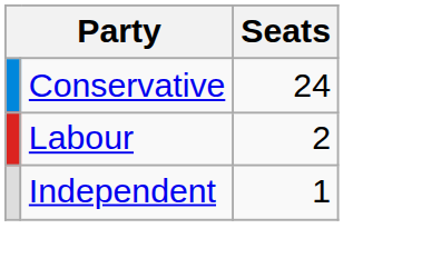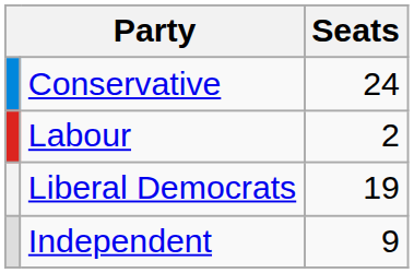 <table class="wikitable">
 <tr>
 <th colspan=2>Party</th>
 <th>Seats</th>
 </tr>
 <tr>
 <th style="background-color: #0087DC"></th>
 <td><a href='#'>Conservative</a></td>
 <td align=right>24</td>
 </tr>
 <tr>
 <th style="background-color: #DC241f"></th>
 <td><a href='#'>Labour</a></td>
 <td align=right>2</td>
 </tr>
 <tr>
+<th style="background-color: "></th>
+<td><a href='#'>Liberal Democrats</a></td>
+<td align=right>19</td>
+</tr>
+<tr>
 <th style="background-color: #DDDDDD"></th>
 <td><a href='#'>Independent</a></td>
-<td align=right>1</td>
+<td align=right>9</td>
 </tr>
 </table>
